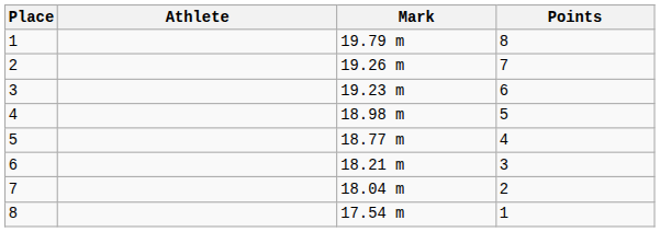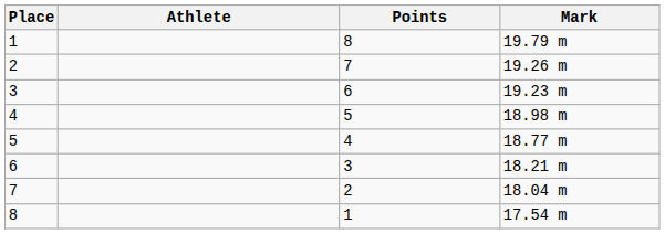 <table class=wikitable>
 <tr>
 <th>Place</th>
 <th style="width:18em">Athlete</th>
+<th style="width:10em">Points</th>
 <th style="width:10em">Mark</th>
-<th style="width:10em">Points</th>
 </tr>
 <tr>
 <td>1</td>
 <td></td>
+<td>8</td>
 <td>19.79 m</td>
-<td>8</td>
 </tr>
 <tr>
 <td>2</td>
 <td></td>
+<td>7</td>
 <td>19.26 m</td>
-<td>7</td>
 </tr>
 <tr>
 <td>3</td>
 <td></td>
+<td>6</td>
 <td>19.23 m</td>
-<td>6</td>
 </tr>
 <tr>
 <td>4</td>
 <td></td>
+<td>5</td>
 <td>18.98 m</td>
-<td>5</td>
 </tr>
 <tr>
 <td>5</td>
 <td></td>
+<td>4</td>
 <td>18.77 m</td>
-<td>4</td>
 </tr>
 <tr>
 <td>6</td>
 <td></td>
+<td>3</td>
 <td>18.21 m</td>
-<td>3</td>
 </tr>
 <tr>
 <td>7</td>
 <td></td>
+<td>2</td>
 <td>18.04 m</td>
-<td>2</td>
 </tr>
 <tr>
 <td>8</td>
 <td></td>
+<td>1</td>
 <td>17.54 m</td>
-<td>1</td>
 </tr>
 </table>
